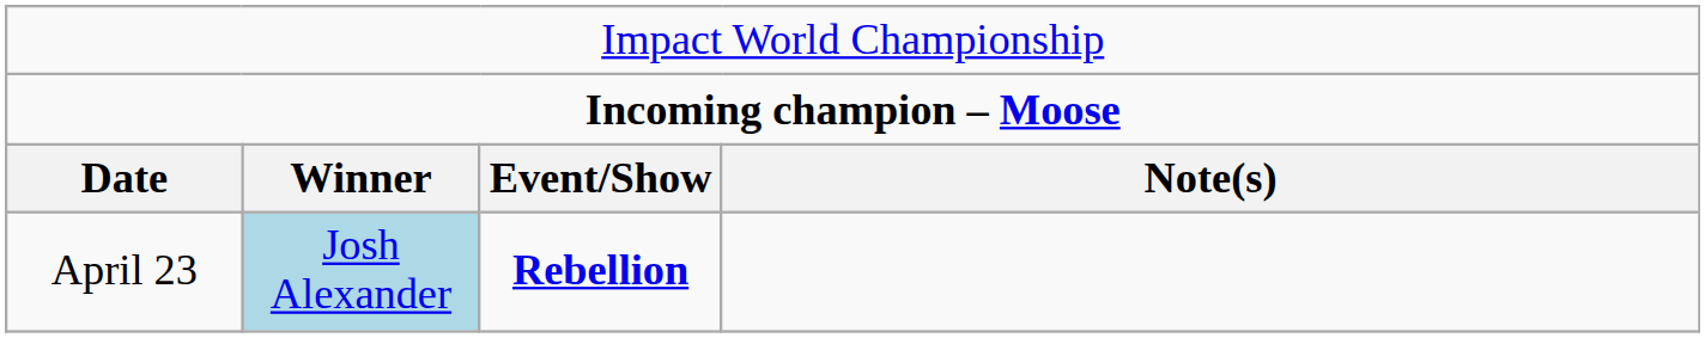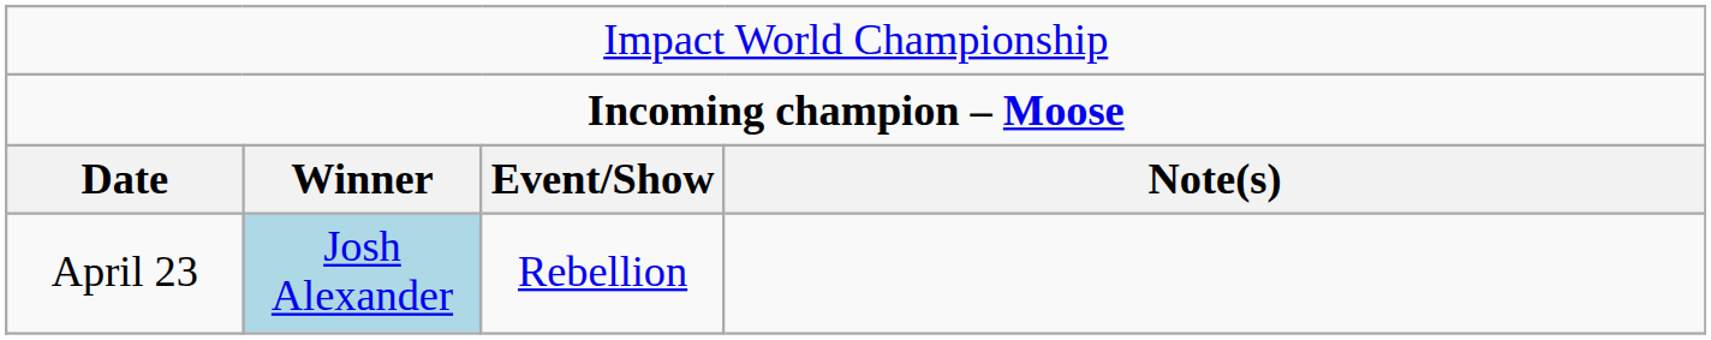 <table class="wikitable" style="text-align:center; width:100%;">
 <tr>
 <td colspan="4" style="text-align: center;"><a href='#'>Impact World Championship</a></td>
 </tr>
 <tr>
 <td colspan="4" style="text-align: center;"><strong>Incoming champion – <a href='#'>Moose</a></strong></td>
 </tr>
 <tr>
 <th width=14%>Date</th>
 <th width=14%>Winner</th>
 <th width=14%>Event/Show</th>
 <th width=58%>Note(s)</th>
 </tr>
 <tr>
 <td>April 23</td>
 <td style="background: lightblue;"><a href='#'>Josh Alexander</a></td>
-<td><strong><a href='#'>Rebellion</a></strong></td>
+<td><a href='#'>Rebellion</a></td>
 <td></td>
 </tr>
 </table>
